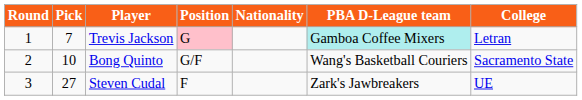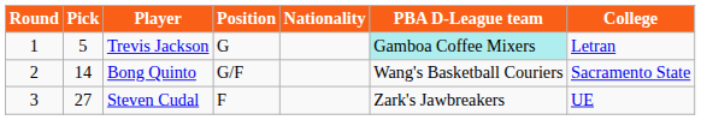 <table class="wikitable sortable sortable">
 <tr>
 <th style="background:#F95F17; color:#FFFFFF; ">Round</th>
 <th style="background:#F95F17; color:#FFFFFF; ">Pick</th>
 <th style="background:#F95F17; color:#FFFFFF; ">Player</th>
 <th style="background:#F95F17; color:#FFFFFF; ">Position</th>
 <th style="background:#F95F17; color:#FFFFFF; ">Nationality</th>
 <th style="background:#F95F17; color:#FFFFFF; ">PBA D-League team</th>
 <th style="background:#F95F17; color:#FFFFFF; ">College</th>
 </tr>
 <tr>
 <td align=center>1</td>
-<td align=center>7</td>
+<td align=center>5</td>
 <td><a href='#'>Trevis Jackson</a></td>
-<td style="background: pink;">G</td>
+<td>G</td>
 <td></td>
 <td style="background: paleturquoise;">Gamboa Coffee Mixers</td>
 <td><a href='#'>Letran</a></td>
 </tr>
 <tr>
 <td align=center>2</td>
-<td align=center>10</td>
+<td align=center>14</td>
 <td><a href='#'>Bong Quinto</a></td>
 <td>G/F</td>
 <td></td>
 <td>Wang's Basketball Couriers</td>
 <td><a href='#'>Sacramento State</a></td>
 </tr>
 <tr>
 <td align=center>3</td>
 <td align=center>27</td>
 <td><a href='#'>Steven Cudal</a></td>
 <td>F</td>
 <td></td>
 <td>Zark's Jawbreakers</td>
 <td><a href='#'>UE</a></td>
 </tr>
 </table>
